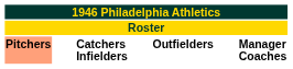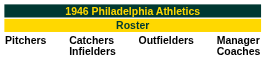 <table class="toccolours" style="font-size: 95%;">
 <tr>
 <th colspan="10" style="background-color: #003831; color: #FFD800; text-align: center;">1946 Philadelphia Athletics</th>
 </tr>
 <tr>
 <td colspan="10" style="background-color: #FFD800; color: #003831; text-align: center;"><strong>Roster</strong></td>
 </tr>
 <tr>
-<td valign="top" style="background: lightsalmon;"><strong>Pitchers</strong><br>                 </td>
+<td valign="top"><strong>Pitchers</strong><br>                 </td>
 <td width="25px"></td>
 <td valign="top"><strong>Catchers</strong><br>    <strong>Infielders</strong>           </td>
 <td width="25px"></td>
 <td valign="top"><strong>Outfielders</strong><br>       </td>
 <td width="25px"></td>
 <td valign="top"><strong>Manager</strong><br> <strong>Coaches</strong>    </td>
 </tr>
 </table>
